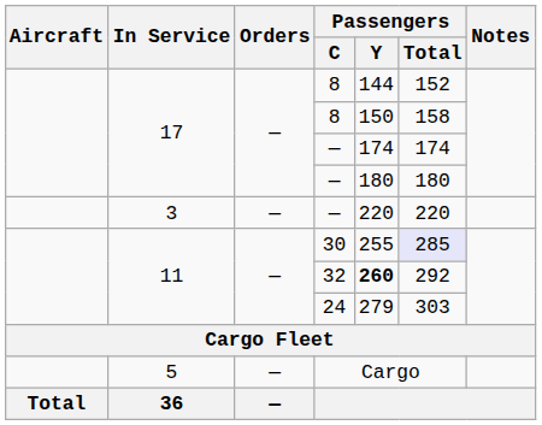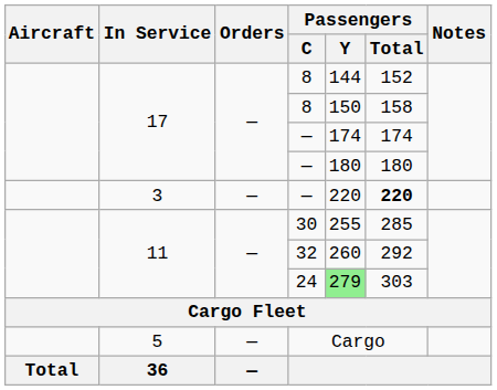 <table class="wikitable" style="border-collapse:collapse; text-align:center; margin:auto;">
 <tr>
 <th rowspan="2">Aircraft</th>
 <th rowspan="2">In Service</th>
 <th rowspan="2">Orders</th>
 <th colspan="3">Passengers</th>
 <th rowspan="2">Notes</th>
 </tr>
 <tr>
 <th style="width:20px;"><abbr>C</abbr></th>
 <th style="width:20px;"><abbr>Y</abbr></th>
 <th style="width:20px;">Total</th>
 </tr>
 <tr>
 <td rowspan="4"></td>
 <td rowspan="4">17</td>
 <td rowspan="4">—</td>
 <td>8</td>
 <td>144</td>
 <td>152</td>
 <td rowspan="4"></td>
 </tr>
 <tr>
 <td>8</td>
 <td>150</td>
 <td>158</td>
 </tr>
 <tr>
 <td>—</td>
 <td>174</td>
 <td>174</td>
 </tr>
 <tr>
 <td>—</td>
 <td>180</td>
 <td>180</td>
 </tr>
 <tr>
 <td></td>
 <td>3</td>
 <td>—</td>
 <td>—</td>
 <td>220</td>
-<td>220</td>
+<td><strong>220</strong></td>
 <td></td>
 </tr>
 <tr>
 <td rowspan="3"></td>
 <td rowspan="3">11</td>
 <td rowspan="3">—</td>
 <td>30</td>
 <td>255</td>
-<td style="background: lavender;">285</td>
+<td>285</td>
 <td rowspan="3"></td>
 </tr>
 <tr>
 <td>32</td>
-<td><strong>260</strong></td>
+<td>260</td>
 <td>292</td>
 </tr>
 <tr>
 <td>24</td>
-<td>279</td>
+<td style="background: lightgreen;">279</td>
 <td>303</td>
 </tr>
 <tr>
 <th colspan="7">Cargo Fleet</th>
 </tr>
 <tr>
 <td></td>
 <td>5</td>
 <td>—</td>
 <td colspan="3" class="unsortable"><abbr>Cargo</abbr></td>
 <td></td>
 </tr>
 <tr>
 <th>Total</th>
 <th>36</th>
 <th>—</th>
 <th colspan="4"></th>
 </tr>
 </table>
